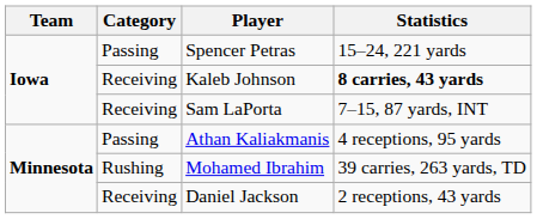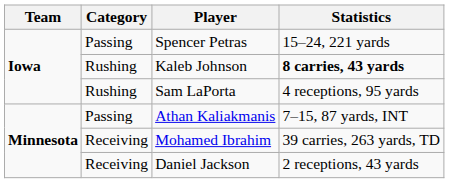 <table class="wikitable" style="float: left;">
 <tr>
 <th>Team</th>
 <th>Category</th>
 <th>Player</th>
 <th>Statistics</th>
 </tr>
 <tr>
 <td rowspan=3><strong>Iowa</strong></td>
 <td>Passing</td>
 <td>Spencer Petras</td>
 <td>15–24, 221 yards</td>
 </tr>
 <tr>
-<td>Receiving</td>
+<td>Rushing</td>
 <td>Kaleb Johnson</td>
 <td><strong>8 carries, 43 yards</strong></td>
 </tr>
 <tr>
-<td>Receiving</td>
+<td>Rushing</td>
 <td>Sam LaPorta</td>
-<td>7–15, 87 yards, INT</td>
+<td>4 receptions, 95 yards</td>
 </tr>
 <tr>
 <td rowspan=3><strong>Minnesota</strong></td>
 <td>Passing</td>
 <td><a href='#'>Athan Kaliakmanis</a></td>
-<td>4 receptions, 95 yards</td>
+<td>7–15, 87 yards, INT</td>
 </tr>
 <tr>
-<td>Rushing</td>
+<td>Receiving</td>
 <td><a href='#'>Mohamed Ibrahim</a></td>
 <td>39 carries, 263 yards, TD</td>
 </tr>
 <tr>
 <td>Receiving</td>
 <td>Daniel Jackson</td>
 <td>2 receptions, 43 yards</td>
 </tr>
 </table>
